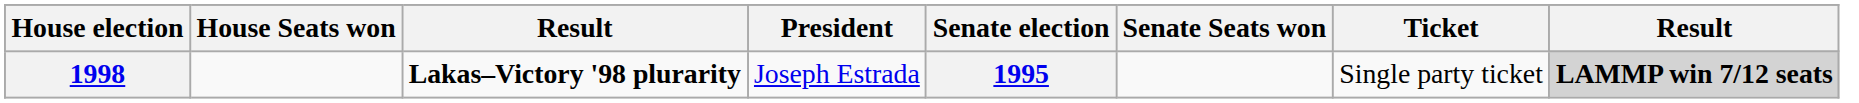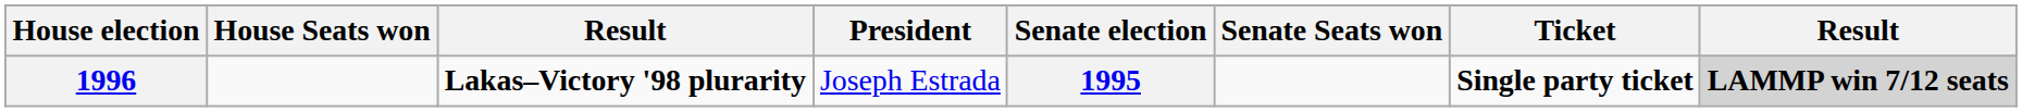 <table class="wikitable" style="text-align:center; font-size:90%">
 <tr>
 <th>House election</th>
 <th>House Seats won</th>
 <th>Result</th>
 <th>President</th>
 <th>Senate election</th>
 <th>Senate Seats won</th>
 <th>Ticket</th>
 <th>Result</th>
 </tr>
 <tr>
-<th><a href='#'>1998</a></th>
+<th><a href='#'>1996</a></th>
 <td></td>
 <td><strong>Lakas–Victory '98 plurarity</strong></td>
 <td style="background:"><a href='#'>Joseph Estrada</a></td>
 <th><a href='#'>1995</a></th>
 <td></td>
-<td>Single party ticket</td>
+<td><strong>Single party ticket</strong></td>
 <td style="background: lightgrey;"><strong>LAMMP win 7/12 seats</strong></td>
 </tr>
 </table>
